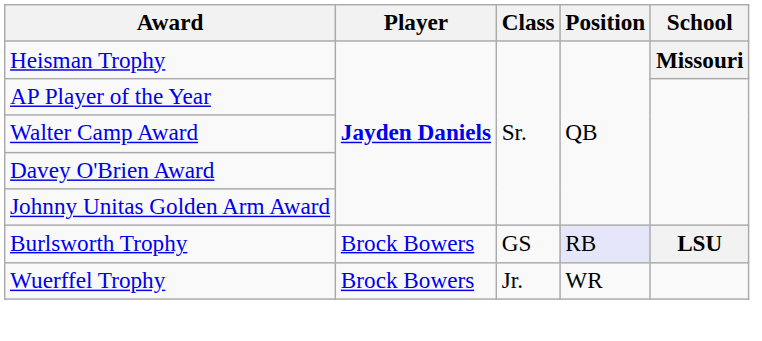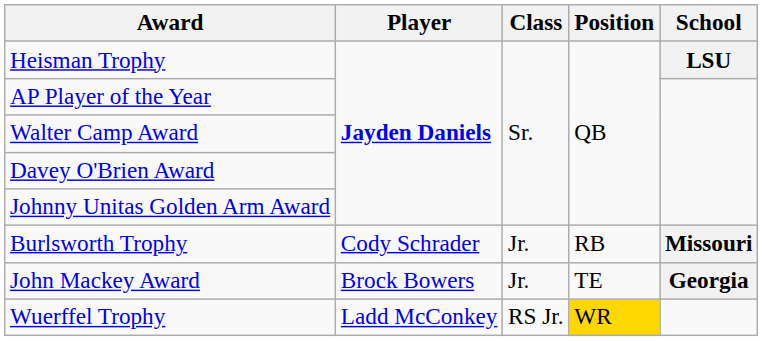 <table class="wikitable" border="0">
 <tr>
 <th>Award</th>
 <th>Player</th>
 <th>Class</th>
 <th>Position</th>
 <th>School</th>
 </tr>
 <tr>
 <td><a href='#'>Heisman Trophy</a></td>
 <td rowspan=5><strong><a href='#'>Jayden Daniels</a></strong></td>
 <td rowspan=5>Sr.</td>
 <td rowspan=5>QB</td>
-<th>Missouri</th>
+<th>LSU</th>
 </tr>
 <tr>
 <td><a href='#'>AP Player of the Year</a></td>
 </tr>
 <tr>
 <td><a href='#'>Walter Camp Award</a></td>
 </tr>
 <tr>
 <td><a href='#'>Davey O'Brien Award</a></td>
 </tr>
 <tr>
 <td><a href='#'>Johnny Unitas Golden Arm Award</a></td>
 </tr>
 <tr>
 <td><a href='#'>Burlsworth Trophy</a></td>
+<td><a href='#'>Cody Schrader</a></td>
+<td>Jr.</td>
+<td>RB</td>
+<th>Missouri</th>
+</tr>
+<tr>
+<td><a href='#'>John Mackey Award</a></td>
 <td><a href='#'>Brock Bowers</a></td>
-<td>GS</td>
-<td style="background: lavender;">RB</td>
-<th>LSU</th>
+<td>Jr.</td>
+<td>TE</td>
+<th>Georgia</th>
 </tr>
 <tr>
 <td><a href='#'>Wuerffel Trophy</a></td>
-<td><a href='#'>Brock Bowers</a></td>
-<td>Jr.</td>
-<td>WR</td>
+<td><a href='#'>Ladd McConkey</a></td>
+<td>RS Jr.</td>
+<td style="background: gold;">WR</td>
 </tr>
 </table>
